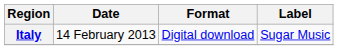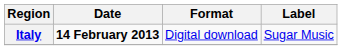 <table class="wikitable sortable plainrowheaders" style="text-align:center">
 <tr>
 <th>Region</th>
 <th>Date</th>
 <th>Format</th>
 <th>Label</th>
 </tr>
 <tr>
 <th scope="row"><a href='#'>Italy</a></th>
-<td>14 February 2013</td>
+<td><strong>14 February 2013</strong></td>
 <td><a href='#'>Digital download</a></td>
 <td><a href='#'>Sugar Music</a></td>
 </tr>
 <tr>
 </tr>
 </table>
